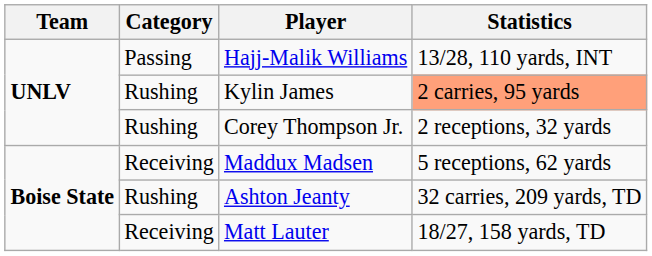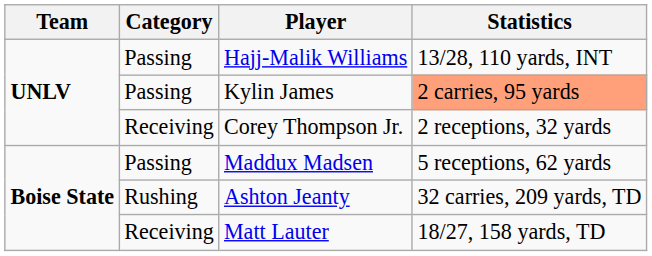 <table class="wikitable" style="float: right;">
 <tr>
 <th>Team</th>
 <th>Category</th>
 <th>Player</th>
 <th>Statistics</th>
 </tr>
 <tr>
 <td rowspan=3><strong>UNLV</strong></td>
 <td>Passing</td>
 <td><a href='#'>Hajj-Malik Williams</a></td>
 <td>13/28, 110 yards, INT</td>
 </tr>
 <tr>
-<td>Rushing</td>
+<td>Passing</td>
 <td>Kylin James</td>
 <td style="background: lightsalmon;">2 carries, 95 yards</td>
 </tr>
 <tr>
-<td>Rushing</td>
+<td>Receiving</td>
 <td>Corey Thompson Jr.</td>
 <td>2 receptions, 32 yards</td>
 </tr>
 <tr>
 <td rowspan=3><strong>Boise State</strong></td>
-<td>Receiving</td>
+<td>Passing</td>
 <td><a href='#'>Maddux Madsen</a></td>
 <td>5 receptions, 62 yards</td>
 </tr>
 <tr>
 <td>Rushing</td>
 <td><a href='#'>Ashton Jeanty</a></td>
 <td>32 carries, 209 yards, TD</td>
 </tr>
 <tr>
 <td>Receiving</td>
 <td><a href='#'>Matt Lauter</a></td>
 <td>18/27, 158 yards, TD</td>
 </tr>
 </table>
